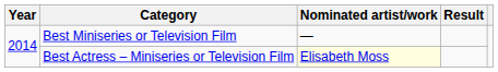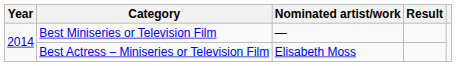 <table class="wikitable" style="table-layout: fixed; margin-right:0">
 <tr>
 <th scope="col">Year</th>
 <th scope="col">Category</th>
 <th scope="col">Nominated artist/work</th>
 <th scope="col">Result</th>
 <th scope="col"></th>
 </tr>
 <tr>
 <td rowspan=2><a href='#'>2014</a></td>
 <td><a href='#'>Best Miniseries or Television Film</a></td>
 <td>—</td>
 <td></td>
 <td rowspan=2></td>
 </tr>
 <tr>
 <td><a href='#'>Best Actress – Miniseries or Television Film</a></td>
-<td style="background: lightyellow;"><a href='#'>Elisabeth Moss</a></td>
+<td><a href='#'>Elisabeth Moss</a></td>
 <td></td>
 </tr>
 </table>
